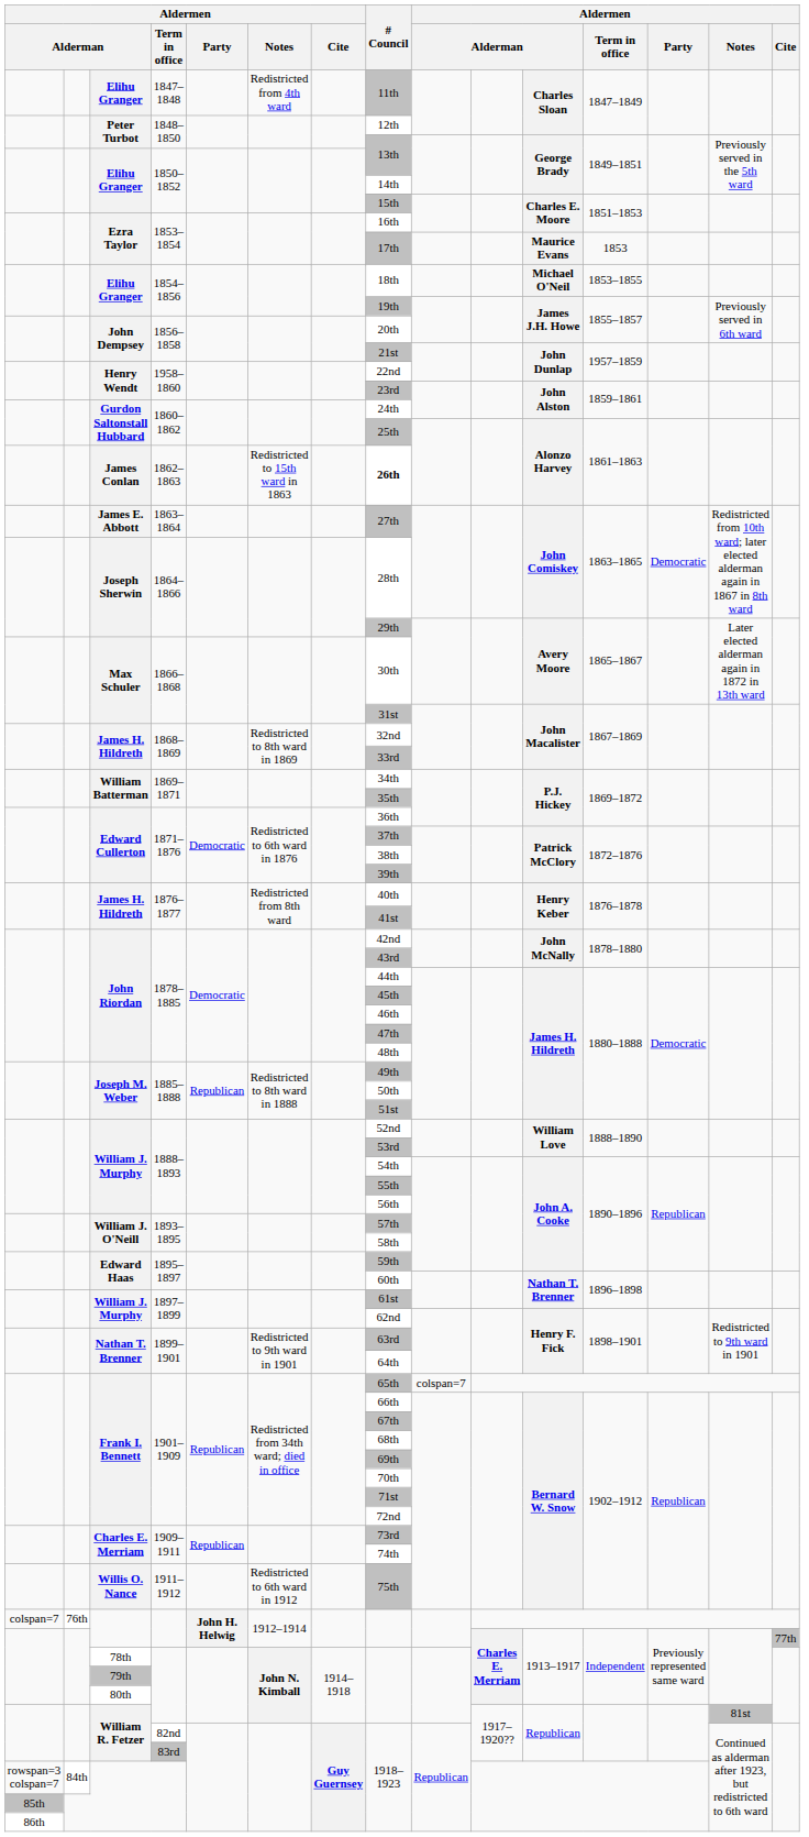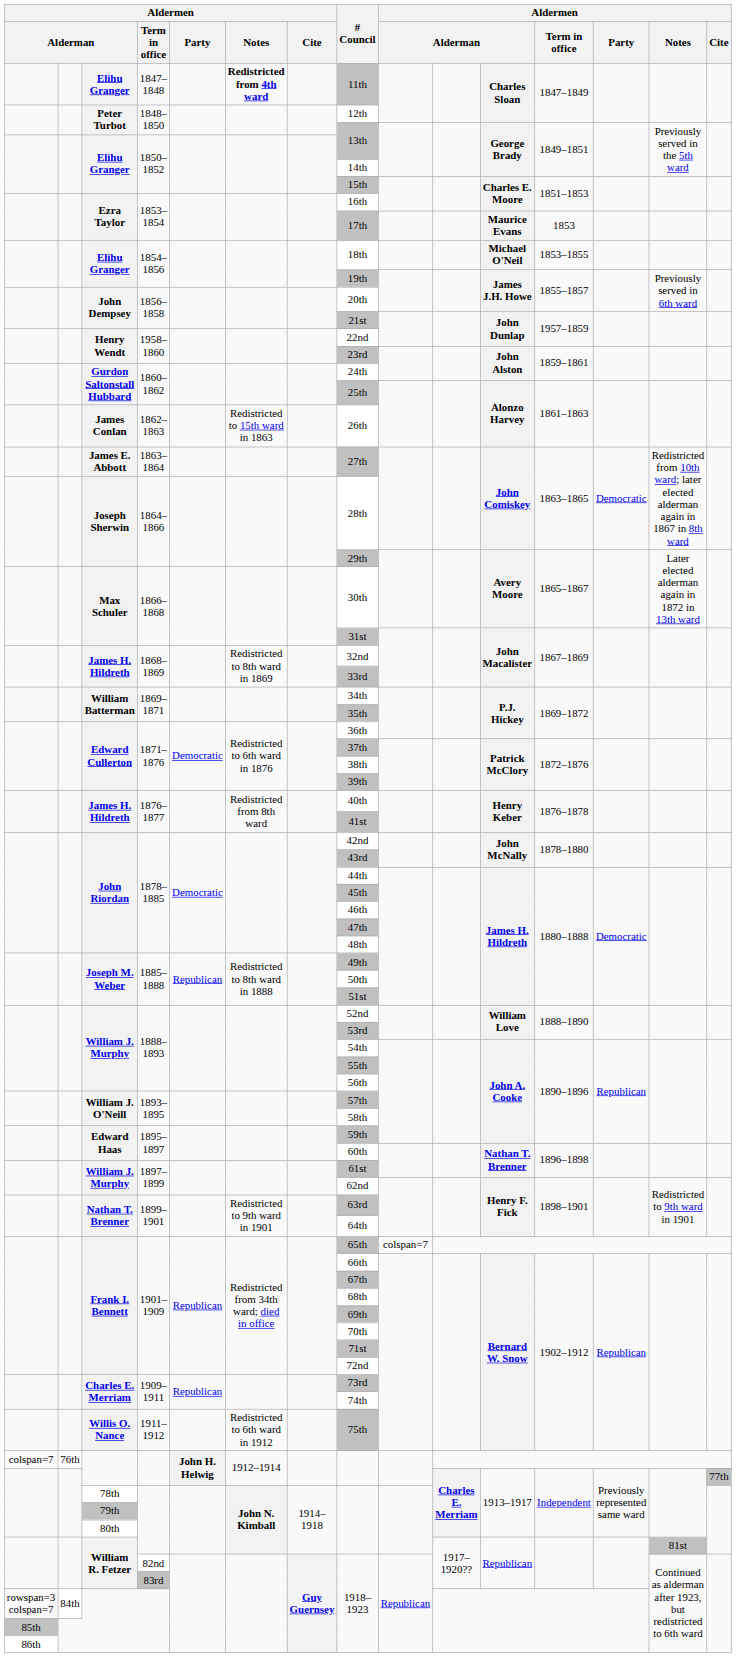 <table class="wikitable" style="text-align:center;">
 <tr>
 <th scope="col" colspan="7">Aldermen</th>
 <th rowspan=2 scope=col># Council</th>
 <th scope="col" colspan="7">Aldermen</th>
 </tr>
 <tr>
 <th scope="col" colspan="3">Alderman</th>
 <th scope="col">Term in office</th>
 <th scope="col">Party</th>
 <th scope="col">Notes</th>
 <th scope="col">Cite</th>
 <th scope="col" colspan="3">Alderman</th>
 <th scope="col">Term in office</th>
 <th scope="col">Party</th>
 <th scope="col">Notes</th>
 <th scope="col">Cite</th>
 </tr>
 <tr>
 <td></td>
 <td></td>
 <th scope="row"><a href='#'>Elihu Granger</a></th>
 <td>1847–1848</td>
 <td></td>
-<td>Redistricted from <a href='#'>4th ward</a></td>
+<td><strong>Redistricted from <a href='#'>4th ward</a></strong></td>
 <td></td>
 <td style= "background-color:#C0C0C0">11th</td>
 <td rowspan=2></td>
 <td rowspan=2></td>
 <th rowspan=2 scope="row">Charles Sloan</th>
 <td rowspan=2>1847–1849</td>
 <td rowspan=2></td>
 <td rowspan=2></td>
 <td rowspan=2></td>
 </tr>
 <tr>
 <td rowspan=2></td>
 <td rowspan=2></td>
 <th rowspan=2 scope="row">Peter Turbot</th>
 <td rowspan=2>1848–1850</td>
 <td rowspan=2></td>
 <td rowspan=2></td>
 <td rowspan=2></td>
 <td style= "background-color:#FFFFFF">12th</td>
 </tr>
 <tr>
 <td rowspan=2 style= "background-color:#C0C0C0">13th</td>
 <td rowspan=3></td>
 <td rowspan=3></td>
 <th rowspan=3 scope="row">George Brady</th>
 <td rowspan=3>1849–1851</td>
 <td rowspan=3></td>
 <td rowspan=3>Previously served in the <a href='#'>5th ward</a></td>
 <td rowspan=3></td>
 </tr>
 <tr>
 <td rowspan=4></td>
 <td rowspan=4></td>
 <th rowspan=4 scope="row"><a href='#'>Elihu Granger</a></th>
 <td rowspan=4>1850–1852</td>
 <td rowspan=4></td>
 <td rowspan=4></td>
 <td rowspan=4></td>
 </tr>
 <tr>
 <td style= "background-color:#FFFFFF">14th</td>
 </tr>
 <tr>
 <td style= "background-color:#C0C0C0">15th</td>
 <td rowspan=3></td>
 <td rowspan=3></td>
 <th rowspan=3 scope="row">Charles E. Moore</th>
 <td rowspan=3>1851–1853</td>
 <td rowspan=3></td>
 <td rowspan=3></td>
 <td rowspan=3></td>
 </tr>
 <tr>
 <td rowspan=2 style= "background-color:#FFFFFF">16th</td>
 </tr>
 <tr>
 <td rowspan=3></td>
 <td rowspan=3></td>
 <th rowspan=3 scope="row">Ezra Taylor</th>
 <td rowspan=3>1853–1854</td>
 <td rowspan=3></td>
 <td rowspan=3></td>
 <td rowspan=3></td>
 </tr>
 <tr>
 <td rowspan=2 style= "background-color:#C0C0C0">17th</td>
 <td></td>
 <td></td>
 <th scope="row">Maurice Evans</th>
 <td>1853</td>
 <td></td>
 <td></td>
 <td></td>
 </tr>
 <tr>
 <td rowspan=2></td>
 <td rowspan=2></td>
 <th rowspan=2 scope="row">Michael O'Neil</th>
 <td rowspan=2>1853–1855</td>
 <td rowspan=2></td>
 <td rowspan=2></td>
 <td rowspan=2></td>
 </tr>
 <tr>
 <td rowspan=2></td>
 <td rowspan=2></td>
 <th rowspan=2 scope="row"><a href='#'>Elihu Granger</a></th>
 <td rowspan=2>1854–1856</td>
 <td rowspan=2></td>
 <td rowspan=2></td>
 <td rowspan=2></td>
 <td style= "background-color:#FFFFFF">18th</td>
 </tr>
 <tr>
 <td style= "background-color:#C0C0C0">19th</td>
 <td rowspan=2></td>
 <td rowspan=2></td>
 <th rowspan=2 scope="row">James J.H. Howe</th>
 <td rowspan=2>1855–1857</td>
 <td rowspan=2></td>
 <td rowspan=2>Previously served in <a href='#'>6th ward</a></td>
 <td rowspan=2></td>
 </tr>
 <tr>
 <td rowspan=2></td>
 <td rowspan=2></td>
 <th rowspan=2 scope="row">John Dempsey</th>
 <td rowspan=2>1856–1858</td>
 <td rowspan=2></td>
 <td rowspan=2></td>
 <td rowspan=2></td>
 <td style= "background-color:#FFFFFF">20th</td>
 </tr>
 <tr>
 <td style= "background-color:#C0C0C0">21st</td>
 <td rowspan=2></td>
 <td rowspan=2></td>
 <th rowspan=2 scope="row">John Dunlap</th>
 <td rowspan=2>1957–1859</td>
 <td rowspan=2></td>
 <td rowspan=2></td>
 <td rowspan=2></td>
 </tr>
 <tr>
 <td rowspan=2></td>
 <td rowspan=2></td>
 <th rowspan=2 scope="row">Henry Wendt</th>
 <td rowspan=2>1958–1860</td>
 <td rowspan=2></td>
 <td rowspan=2></td>
 <td rowspan=2></td>
 <td style= "background-color:#FFFFFF">22nd</td>
 </tr>
 <tr>
 <td style= "background-color:#C0C0C0">23rd</td>
 <td rowspan=2></td>
 <td rowspan=2></td>
 <th rowspan=2 scope="row">John Alston</th>
 <td rowspan=2>1859–1861</td>
 <td rowspan=2></td>
 <td rowspan=2></td>
 <td rowspan=2></td>
 </tr>
 <tr>
 <td rowspan=2></td>
 <td rowspan=2></td>
 <th rowspan=2 scope="row"><a href='#'>Gurdon Saltonstall Hubbard</a></th>
 <td rowspan=2>1860– 1862</td>
 <td rowspan=2></td>
 <td rowspan=2></td>
 <td rowspan=2></td>
 <td style= "background-color:#FFFFFF">24th</td>
 </tr>
 <tr>
 <td style= "background-color:#C0C0C0">25th</td>
 <td rowspan=2></td>
 <td rowspan=2></td>
 <th rowspan=2 scope="row">Alonzo Harvey</th>
 <td rowspan=2>1861–1863</td>
 <td rowspan=2></td>
 <td rowspan=2></td>
 <td rowspan=2></td>
 </tr>
 <tr>
 <td></td>
 <td></td>
 <th scope="row">James Conlan</th>
 <td>1862–1863</td>
 <td></td>
 <td>Redistricted to <a href='#'>15th ward</a> in 1863</td>
 <td></td>
-<td style= "background-color:#FFFFFF"><strong>26th</strong></td>
+<td style= "background-color:#FFFFFF">26th</td>
 </tr>
 <tr>
 <td></td>
 <td></td>
 <th scope="row">James E. Abbott</th>
 <td>1863–1864</td>
 <td></td>
 <td></td>
 <td></td>
 <td style= "background-color:#C0C0C0">27th</td>
 <td rowspan=2> </td>
 <td rowspan=2></td>
 <th rowspan=2 scope="row"><a href='#'>John Comiskey</a></th>
 <td rowspan=2>1863–1865</td>
 <td rowspan=2><a href='#'>Democratic</a></td>
 <td rowspan=2>Redistricted from <a href='#'>10th ward</a>; later elected alderman again in 1867 in <a href='#'>8th ward</a></td>
 <td rowspan=2></td>
 </tr>
 <tr>
 <td rowspan=2></td>
 <td rowspan=2></td>
 <th rowspan=2 scope="row">Joseph Sherwin</th>
 <td rowspan=2>1864–1866</td>
 <td rowspan=2></td>
 <td rowspan=2></td>
 <td rowspan=2></td>
 <td style= "background-color:#FFFFFF">28th</td>
 </tr>
 <tr>
 <td style= "background-color:#C0C0C0">29th</td>
 <td rowspan=2></td>
 <td rowspan=2></td>
 <th rowspan=2 scope="row">Avery Moore</th>
 <td rowspan=2>1865–1867</td>
 <td rowspan=2></td>
 <td rowspan=2>Later elected alderman again in 1872 in <a href='#'>13th ward</a></td>
 <td rowspan=2></td>
 </tr>
 <tr>
 <td rowspan=2></td>
 <td rowspan=2></td>
 <th rowspan=2 scope="row">Max Schuler</th>
 <td rowspan=2>1866–1868</td>
 <td rowspan=2></td>
 <td rowspan=2></td>
 <td rowspan=2></td>
 <td style= "background-color:#FFFFFF">30th</td>
 </tr>
 <tr>
 <td style= "background-color:#C0C0C0">31st</td>
 <td rowspan=3></td>
 <td rowspan=3></td>
 <th rowspan=3 scope="row">John Macalister</th>
 <td rowspan=3>1867–1869</td>
 <td rowspan=3></td>
 <td rowspan=3></td>
 <td rowspan=3></td>
 </tr>
 <tr>
 <td rowspan=2></td>
 <td rowspan=2></td>
 <th rowspan=2 scope="row"><a href='#'>James H. Hildreth</a></th>
 <td rowspan=2>1868–1869</td>
 <td rowspan=2></td>
 <td rowspan=2>Redistricted to 8th ward in 1869</td>
 <td rowspan=2></td>
 <td style= "background-color:#FFFFFF">32nd</td>
 </tr>
 <tr>
 <td style= "background-color:#C0C0C0">33rd</td>
 </tr>
 <tr>
 <td rowspan=2></td>
 <td rowspan=2></td>
 <th rowspan=2 scope="row">William Batterman</th>
 <td rowspan=2>1869–1871</td>
 <td rowspan=2></td>
 <td rowspan=2></td>
 <td rowspan=2></td>
 <td style= "background-color:#FFFFFF">34th</td>
 <td rowspan=3></td>
 <td rowspan=3></td>
 <th rowspan=3 scope="row">P.J. Hickey</th>
 <td rowspan=3>1869–1872</td>
 <td rowspan=3></td>
 <td rowspan=3></td>
 <td rowspan=3></td>
 </tr>
 <tr>
 <td style= "background-color:#C0C0C0">35th</td>
 </tr>
 <tr>
 <td rowspan=4> </td>
 <td rowspan=4></td>
 <th rowspan=4 scope="row"><a href='#'>Edward Cullerton</a></th>
 <td rowspan=4>1871–1876</td>
 <td rowspan=4><a href='#'>Democratic</a></td>
 <td rowspan=4>Redistricted to 6th ward in 1876</td>
 <td rowspan=4></td>
 <td style= "background-color:#FFFFFF">36th</td>
 </tr>
 <tr>
 <td style= "background-color:#C0C0C0">37th</td>
 <td rowspan=3></td>
 <td rowspan=3></td>
 <th rowspan=3 scope="row">Patrick McClory</th>
 <td rowspan=3>1872–1876</td>
 <td rowspan=3></td>
 <td rowspan=3></td>
 <td rowspan=3></td>
 </tr>
 <tr>
 <td style= "background-color:#FFFFFF">38th</td>
 </tr>
 <tr>
 <td style= "background-color:#C0C0C0">39th</td>
 </tr>
 <tr>
 <td rowspan=2></td>
 <td rowspan=2></td>
 <th rowspan=2 scope="row"><a href='#'>James H. Hildreth</a></th>
 <td rowspan=2>1876–1877</td>
 <td rowspan=2></td>
 <td rowspan=2>Redistricted from 8th ward</td>
 <td rowspan=2></td>
 <td style= "background-color:#FFFFFF">40th</td>
 <td rowspan=2></td>
 <td rowspan=2></td>
 <th rowspan=2 scope="row">Henry Keber</th>
 <td rowspan=2>1876–1878</td>
 <td rowspan=2></td>
 <td rowspan=2></td>
 <td rowspan=2></td>
 </tr>
 <tr>
 <td style= "background-color:#C0C0C0">41st</td>
 </tr>
 <tr>
 <td rowspan=7> </td>
 <td rowspan=7></td>
 <th rowspan=7 scope="row"><a href='#'>John Riordan</a></th>
 <td rowspan=7>1878–1885</td>
 <td rowspan=7><a href='#'>Democratic</a></td>
 <td rowspan=7></td>
 <td rowspan=7></td>
 <td style= "background-color:#FFFFFF">42nd</td>
 <td rowspan=2></td>
 <td rowspan=2></td>
 <th rowspan=2 scope="row">John McNally</th>
 <td rowspan=2>1878–1880</td>
 <td rowspan=2></td>
 <td rowspan=2></td>
 <td rowspan=2></td>
 </tr>
 <tr>
 <td style= "background-color:#C0C0C0">43rd</td>
 </tr>
 <tr>
 <td style= "background-color:#FFFFFF">44th</td>
 <td rowspan=8> </td>
 <td rowspan=8></td>
 <th rowspan=8 scope="row"><a href='#'>James H. Hildreth</a></th>
 <td rowspan=8>1880–1888</td>
 <td rowspan=8><a href='#'>Democratic</a></td>
 <td rowspan=8></td>
 <td rowspan=8></td>
 </tr>
 <tr>
 <td style= "background-color:#C0C0C0">45th</td>
 </tr>
 <tr>
 <td style= "background-color:#FFFFFF">46th</td>
 </tr>
 <tr>
 <td style= "background-color:#C0C0C0">47th</td>
 </tr>
 <tr>
 <td style= "background-color:#FFFFFF">48th</td>
 </tr>
 <tr>
 <td rowspan=3> </td>
 <td rowspan=3></td>
 <th rowspan=3 scope="row"><a href='#'>Joseph M. Weber</a></th>
 <td rowspan=3>1885–1888</td>
 <td rowspan=3><a href='#'>Republican</a></td>
 <td rowspan=3>Redistricted to 8th ward in 1888</td>
 <td rowspan=3></td>
 <td style= "background-color:#C0C0C0">49th</td>
 </tr>
 <tr>
 <td style= "background-color:#FFFFFF">50th</td>
 </tr>
 <tr>
 <td style= "background-color:#C0C0C0">51st</td>
 </tr>
 <tr>
 <td rowspan=5></td>
 <td rowspan=5></td>
 <th rowspan=5 scope="row"><a href='#'>William J. Murphy</a></th>
 <td rowspan=5>1888–1893</td>
 <td rowspan=5></td>
 <td rowspan=5></td>
 <td rowspan=5></td>
 <td style= "background-color:#FFFFFF">52nd</td>
 <td rowspan=2></td>
 <td rowspan=2></td>
 <th rowspan=2 scope="row">William Love</th>
 <td rowspan=2>1888–1890</td>
 <td rowspan=2></td>
 <td rowspan=2></td>
 <td rowspan=2></td>
 </tr>
 <tr>
 <td style= "background-color:#C0C0C0">53rd</td>
 </tr>
 <tr>
 <td style= "background-color:#FFFFFF">54th</td>
 <td rowspan=6> </td>
 <td rowspan=6></td>
 <th rowspan=6 scope="row"><a href='#'>John A. Cooke</a></th>
 <td rowspan=6>1890–1896</td>
 <td rowspan=6><a href='#'>Republican</a></td>
 <td rowspan=6></td>
 <td rowspan=6></td>
 </tr>
 <tr>
 <td style= "background-color:#C0C0C0">55th</td>
 </tr>
 <tr>
 <td style= "background-color:#FFFFFF">56th</td>
 </tr>
 <tr>
 <td rowspan=2></td>
 <td rowspan=2></td>
 <th rowspan=2 scope="row">William J. O'Neill</th>
 <td rowspan=2>1893–1895</td>
 <td rowspan=2></td>
 <td rowspan=2></td>
 <td rowspan=2></td>
 <td style= "background-color:#C0C0C0">57th</td>
 </tr>
 <tr>
 <td style= "background-color:#FFFFFF">58th</td>
 </tr>
 <tr>
 <td rowspan=2></td>
 <td rowspan=2></td>
 <th rowspan=2 scope="row">Edward Haas</th>
 <td rowspan=2>1895–1897</td>
 <td rowspan=2></td>
 <td rowspan=2></td>
 <td rowspan=2></td>
 <td style= "background-color:#C0C0C0">59th</td>
 </tr>
 <tr>
 <td style= "background-color:#FFFFFF">60th</td>
 <td rowspan=2></td>
 <td rowspan=2></td>
 <th rowspan=2 scope="row"><a href='#'>Nathan T. Brenner</a></th>
 <td rowspan=2>1896–1898</td>
 <td rowspan=2></td>
 <td rowspan=2></td>
 <td rowspan=2></td>
 </tr>
 <tr>
 <td rowspan=2></td>
 <td rowspan=2></td>
 <th rowspan=2 scope="row"><a href='#'>William J. Murphy</a></th>
 <td rowspan=2>1897–1899</td>
 <td rowspan=2></td>
 <td rowspan=2></td>
 <td rowspan=2></td>
 <td style= "background-color:#C0C0C0">61st</td>
 </tr>
 <tr>
 <td style= "background-color:#FFFFFF">62nd</td>
 <td rowspan=3></td>
 <td rowspan=3></td>
 <th rowspan=3 scope="row">Henry F. Fick</th>
 <td rowspan=3>1898–1901</td>
 <td rowspan=3></td>
 <td rowspan=3>Redistricted to <a href='#'>9th ward</a> in 1901</td>
 <td rowspan=3></td>
 </tr>
 <tr>
 <td rowspan=2></td>
 <td rowspan=2></td>
 <th rowspan=2 scope="row"><a href='#'>Nathan T. Brenner</a></th>
 <td rowspan=2>1899–1901</td>
 <td rowspan=2></td>
 <td rowspan=2>Redistricted to 9th ward in 1901</td>
 <td rowspan=2></td>
 <td style= "background-color:#C0C0C0">63rd</td>
 </tr>
 <tr>
 <td style= "background-color:#FFFFFF">64th</td>
 </tr>
 <tr>
 <td rowspan=8> </td>
 <td rowspan=8></td>
 <th rowspan=8 scope="row"><a href='#'>Frank I. Bennett</a></th>
 <td rowspan=8>1901–1909</td>
 <td rowspan=8><a href='#'>Republican</a></td>
 <td rowspan=8>Redistricted from 34th ward; <a href='#'>died in office</a></td>
 <td rowspan=8></td>
 <td style= "background-color:#C0C0C0">65th</td>
 <td>colspan=7 </td>
 </tr>
 <tr>
 <td style= "background-color:#FFFFFF">66th</td>
 <td rowspan=10> </td>
 <td rowspan=10></td>
 <th rowspan=10 scope="row"><a href='#'>Bernard W. Snow</a></th>
 <td rowspan=10>1902–1912</td>
 <td rowspan=10><a href='#'>Republican</a></td>
 <td rowspan=10></td>
 <td rowspan=10></td>
 </tr>
 <tr>
 <td style= "background-color:#C0C0C0">67th</td>
 </tr>
 <tr>
 <td style= "background-color:#FFFFFF">68th</td>
 </tr>
 <tr>
 <td style= "background-color:#C0C0C0">69th</td>
 </tr>
 <tr>
 <td style= "background-color:#FFFFFF">70th</td>
 </tr>
 <tr>
 <td style= "background-color:#C0C0C0">71st</td>
 </tr>
 <tr>
 <td style= "background-color:#FFFFFF">72nd</td>
 </tr>
 <tr>
 <td rowspan=2> </td>
 <td rowspan=2></td>
 <th rowspan=2 scope="row"><a href='#'>Charles E. Merriam</a></th>
 <td rowspan=2>1909–1911</td>
 <td rowspan=2><a href='#'>Republican</a></td>
 <td rowspan=2></td>
 <td rowspan=2></td>
 <td style= "background-color:#C0C0C0">73rd</td>
 </tr>
 <tr>
 <td style= "background-color:#FFFFFF">74th</td>
 </tr>
 <tr>
 <td></td>
 <td></td>
 <th scope="row"><a href='#'>Willis O. Nance</a></th>
 <td>1911–1912</td>
 <td></td>
 <td>Redistricted to 6th ward in 1912</td>
 <td></td>
 <td style= "background-color:#C0C0C0">75th</td>
 </tr>
 <tr>
 <td>colspan=7 </td>
 <td style= "background-color:#FFFFFF">76th</td>
 <td rowspan=2></td>
 <td rowspan=2></td>
 <th rowspan=2 scope="row">John H. Helwig</th>
 <td rowspan=2>1912–1914</td>
 <td rowspan=2></td>
 <td rowspan=2></td>
 <td rowspan=2></td>
 </tr>
 <tr>
 <td rowspan=4> </td>
 <td rowspan=4></td>
 <th rowspan=4 scope="row"><a href='#'>Charles E. Merriam</a></th>
 <td rowspan=4>1913–1917</td>
 <td rowspan=4><a href='#'>Independent</a></td>
 <td rowspan=4>Previously represented same ward</td>
 <td rowspan=4></td>
 <td style= "background-color:#C0C0C0">77th</td>
 </tr>
 <tr>
 <td style= "background-color:#FFFFFF">78th</td>
 <td rowspan=4></td>
 <td rowspan=4></td>
 <th rowspan=4 scope="row">John N. Kimball</th>
 <td rowspan=4>1914–1918</td>
 <td rowspan=4></td>
 <td rowspan=4></td>
 <td rowspan=4></td>
 </tr>
 <tr>
 <td style= "background-color:#C0C0C0">79th</td>
 </tr>
 <tr>
 <td style= "background-color:#FFFFFF">80th</td>
 </tr>
 <tr>
 <td rowspan=3> </td>
 <td rowspan=3></td>
 <th rowspan=3 scope="row">William R. Fetzer</th>
 <td rowspan=3>1917–1920??</td>
 <td rowspan=3><a href='#'>Republican</a></td>
 <td rowspan=3></td>
 <td rowspan=3></td>
 <td style= "background-color:#C0C0C0">81st</td>
 </tr>
 <tr>
 <td style= "background-color:#FFFFFF">82nd</td>
 <td rowspan=5> </td>
 <td rowspan=5></td>
 <th rowspan=5 scope="row"><a href='#'>Guy Guernsey</a></th>
 <td rowspan=5>1918–1923</td>
 <td rowspan=5><a href='#'>Republican</a></td>
 <td rowspan=5>Continued as alderman after 1923, but redistricted to 6th ward</td>
 <td rowspan=5></td>
 </tr>
 <tr>
 <td style= "background-color:#C0C0C0">83rd</td>
 </tr>
 <tr>
 <td>rowspan=3 colspan=7 </td>
 <td style= "background-color:#FFFFFF">84th</td>
 </tr>
 <tr>
 <td style= "background-color:#C0C0C0">85th</td>
 </tr>
 <tr>
 <td style= "background-color:#FFFFFF">86th</td>
 </tr>
 </table>
